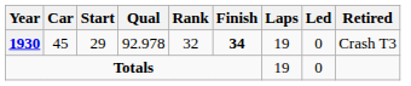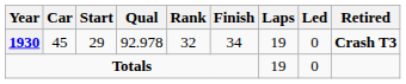 <table class="wikitable" style="text-align:center">
 <tr>
 <th>Year</th>
 <th>Car</th>
 <th>Start</th>
 <th>Qual</th>
 <th>Rank</th>
 <th>Finish</th>
 <th>Laps</th>
 <th>Led</th>
 <th>Retired</th>
 </tr>
 <tr>
 <th><a href='#'>1930</a></th>
 <td>45</td>
 <td>29</td>
 <td>92.978</td>
 <td>32</td>
-<td><strong>34</strong></td>
+<td>34</td>
 <td>19</td>
 <td>0</td>
-<td>Crash T3</td>
+<td><strong>Crash T3</strong></td>
 </tr>
 <tr>
 <td colspan=6><strong>Totals</strong></td>
 <td>19</td>
 <td>0</td>
 <td></td>
 </tr>
 </table>
